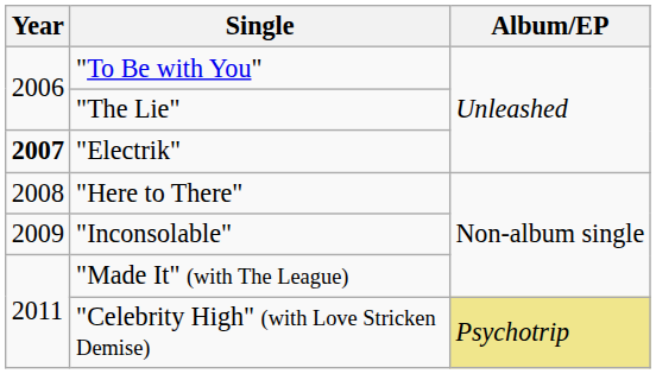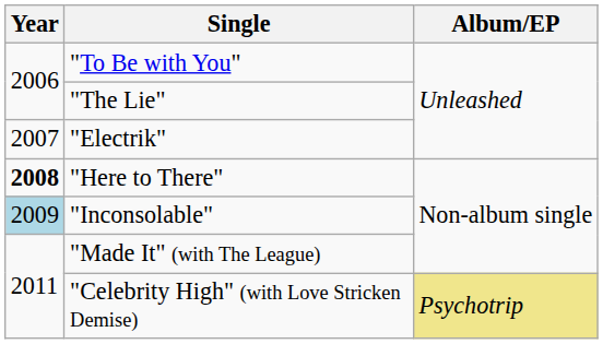 <table class="wikitable plainrowheaders">
 <tr>
 <th>Year</th>
 <th style="width:14em;">Single</th>
 <th>Album/EP</th>
 </tr>
 <tr>
 <td rowspan="2">2006</td>
 <td scope="row">"<a href='#'>To Be with You</a>"</td>
 <td rowspan="3"><em>Unleashed</em></td>
 </tr>
 <tr>
 <td scope="row">"The Lie"</td>
 </tr>
 <tr>
-<td><strong>2007</strong></td>
+<td>2007</td>
 <td scope="row">"Electrik"</td>
 </tr>
 <tr>
-<td>2008</td>
+<td><strong>2008</strong></td>
 <td scope="row">"Here to There"</td>
 <td rowspan="3">Non-album single</td>
 </tr>
 <tr>
-<td>2009</td>
+<td style="background: lightblue;">2009</td>
 <td scope="row">"Inconsolable"</td>
 </tr>
 <tr>
 <td rowspan="2">2011</td>
 <td scope="row">"Made It" <small>(with The League)</small></td>
 </tr>
 <tr>
 <td scope="row">"Celebrity High" <small>(with Love Stricken Demise)</small></td>
 <td style="background: khaki;"><em>Psychotrip</em></td>
 </tr>
 </table>
